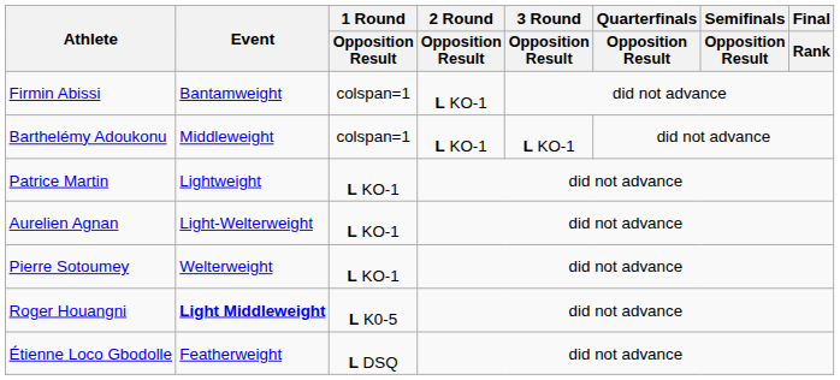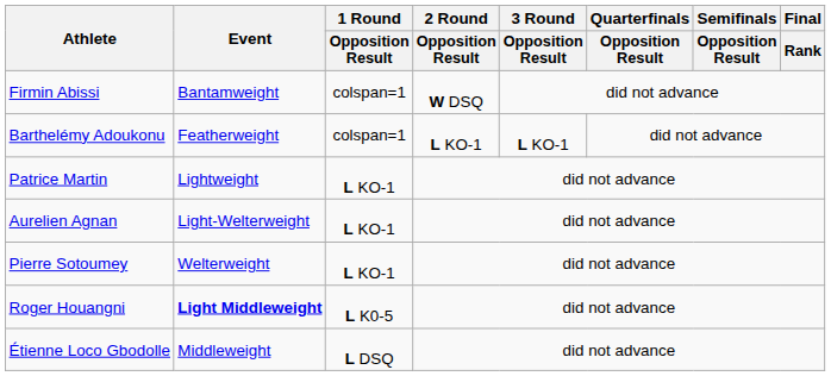 <table class="wikitable" style="font-size:90%">
 <tr>
 <th rowspan="2">Athlete</th>
 <th rowspan="2">Event</th>
 <th>1 Round</th>
 <th>2 Round</th>
 <th>3 Round</th>
 <th>Quarterfinals</th>
 <th>Semifinals</th>
 <th colspan=2>Final</th>
 </tr>
 <tr style="font-size:95%">
 <th>Opposition<br>Result</th>
 <th>Opposition<br>Result</th>
 <th>Opposition<br>Result</th>
 <th>Opposition<br>Result</th>
 <th>Opposition<br>Result</th>
 <th>Rank</th>
 </tr>
 <tr align=center>
 <td align=left><a href='#'>Firmin Abissi</a></td>
 <td align=left><a href='#'>Bantamweight</a></td>
 <td>colspan=1 </td>
-<td><br><strong>L</strong> KO-1</td>
+<td><br><strong>W</strong> DSQ</td>
 <td colspan=5>did not advance</td>
 </tr>
 <tr align=center>
 <td align=left><a href='#'>Barthelémy Adoukonu</a></td>
-<td align=left><a href='#'>Middleweight</a></td>
+<td align=left><a href='#'>Featherweight</a></td>
 <td>colspan=1 </td>
 <td><br><strong>L</strong> KO-1</td>
 <td><br><strong>L</strong> KO-1</td>
 <td colspan=5>did not advance</td>
 </tr>
 <tr align=center>
 <td align=left><a href='#'>Patrice Martin</a></td>
 <td align=left><a href='#'>Lightweight</a></td>
 <td><br><strong>L</strong> KO-1</td>
 <td colspan=5>did not advance</td>
 </tr>
 <tr align=center>
 <td align=left><a href='#'>Aurelien Agnan</a></td>
 <td align=left><a href='#'>Light-Welterweight</a></td>
 <td><br><strong>L</strong> KO-1</td>
 <td colspan=5>did not advance</td>
 </tr>
 <tr align=center>
 <td align=left><a href='#'>Pierre Sotoumey</a></td>
 <td align=left><a href='#'>Welterweight</a></td>
 <td><br><strong>L</strong> KO-1</td>
 <td colspan=5>did not advance</td>
 </tr>
 <tr align=center>
 <td align=left><a href='#'>Roger Houangni</a></td>
 <td align=left><strong><a href='#'>Light Middleweight</a></strong></td>
 <td><br><strong>L</strong> K0-5</td>
 <td colspan=5>did not advance</td>
 </tr>
 <tr align=center>
 <td align=left><a href='#'>Étienne Loco Gbodolle</a></td>
-<td align=left><a href='#'>Featherweight</a></td>
+<td align=left><a href='#'>Middleweight</a></td>
 <td><br><strong>L</strong> DSQ</td>
 <td colspan=5>did not advance</td>
 </tr>
 </table>
